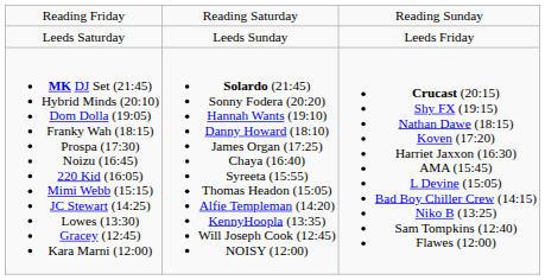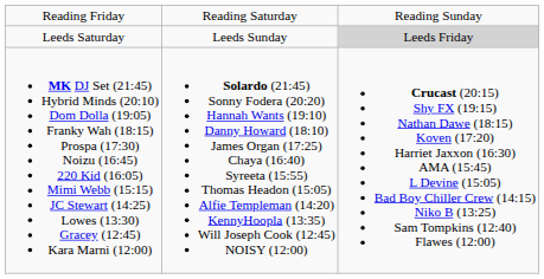 <table class="wikitable" style="text-align:center;">
 <tr>
 <td>Reading Friday</td>
 <td>Reading Saturday</td>
 <td>Reading Sunday</td>
 </tr>
 <tr>
 <td>Leeds Saturday</td>
 <td>Leeds Sunday</td>
-<td>Leeds Friday</td>
+<td style="background: lightgrey;">Leeds Friday</td>
 </tr>
 <tr>
 <td><br><ul><li><strong><a href='#'>MK</a></strong> <a href='#'>DJ</a> Set (21:45)</li><li>Hybrid Minds (20:10)</li><li><a href='#'>Dom Dolla</a> (19:05)</li><li>Franky Wah (18:15)</li><li>Prospa (17:30)</li><li>Noizu (16:45)</li><li><a href='#'>220 Kid</a> (16:05)</li><li><a href='#'>Mimi Webb</a> (15:15)</li><li><a href='#'>JC Stewart</a> (14:25)</li><li>Lowes (13:30)</li><li><a href='#'>Gracey</a> (12:45)</li><li>Kara Marni (12:00)</li></ul></td>
 <td><br><ul><li><strong>Solardo</strong> (21:45)</li><li>Sonny Fodera (20:20)</li><li><a href='#'>Hannah Wants</a> (19:10)</li><li><a href='#'>Danny Howard</a> (18:10)</li><li>James Organ (17:25)</li><li>Chaya (16:40)</li><li>Syreeta (15:55)</li><li>Thomas Headon (15:05)</li><li><a href='#'>Alfie Templeman</a> (14:20)</li><li><a href='#'>KennyHoopla</a> (13:35)</li><li>Will Joseph Cook (12:45)</li><li>NOISY (12:00)</li></ul></td>
 <td><br><ul><li><strong>Crucast</strong> (20:15)</li><li><a href='#'>Shy FX</a> (19:15)</li><li><a href='#'>Nathan Dawe</a> (18:15)</li><li><a href='#'>Koven</a> (17:20)</li><li>Harriet Jaxxon (16:30)</li><li>AMA (15:45)</li><li><a href='#'>L Devine</a> (15:05)</li><li><a href='#'>Bad Boy Chiller Crew</a> (14:15)</li><li><a href='#'>Niko B</a> (13:25)</li><li>Sam Tompkins (12:40)</li><li>Flawes (12:00)</li></ul></td>
 </tr>
 </table>
